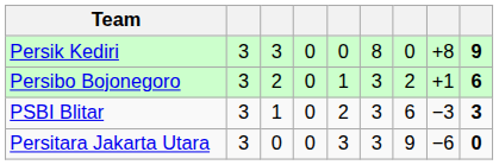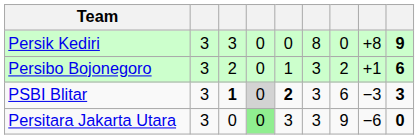 <table class="wikitable" style="text-align:center">
 <tr>
 <th style="width:175px;">Team</th>
 <th width="20"></th>
 <th width="20"></th>
 <th width="20"></th>
 <th width="20"></th>
 <th width="20"></th>
 <th width="20"></th>
 <th width="20"></th>
 <th width="20"></th>
 </tr>
 <tr style="background:#cfc;">
 <td align=left><a href='#'>Persik Kediri</a></td>
 <td>3</td>
 <td>3</td>
 <td>0</td>
 <td>0</td>
 <td>8</td>
 <td>0</td>
 <td>+8</td>
 <td><strong>9</strong></td>
 </tr>
 <tr style="background:#cfc;">
 <td align=left><a href='#'>Persibo Bojonegoro</a></td>
 <td>3</td>
 <td>2</td>
 <td>0</td>
 <td>1</td>
 <td>3</td>
 <td>2</td>
 <td>+1</td>
 <td><strong>6</strong></td>
 </tr>
 <tr>
 <td align=left><a href='#'>PSBI Blitar</a></td>
 <td>3</td>
-<td>1</td>
-<td>0</td>
-<td>2</td>
+<td><strong>1</strong></td>
+<td style="background: lightgrey;">0</td>
+<td><strong>2</strong></td>
 <td>3</td>
 <td>6</td>
 <td>−3</td>
 <td><strong>3</strong></td>
 </tr>
 <tr>
 <td align=left><a href='#'>Persitara Jakarta Utara</a></td>
 <td>3</td>
 <td>0</td>
-<td>0</td>
+<td style="background: lightgreen;">0</td>
 <td>3</td>
 <td>3</td>
 <td>9</td>
 <td>−6</td>
 <td><strong>0</strong></td>
 </tr>
 </table>
